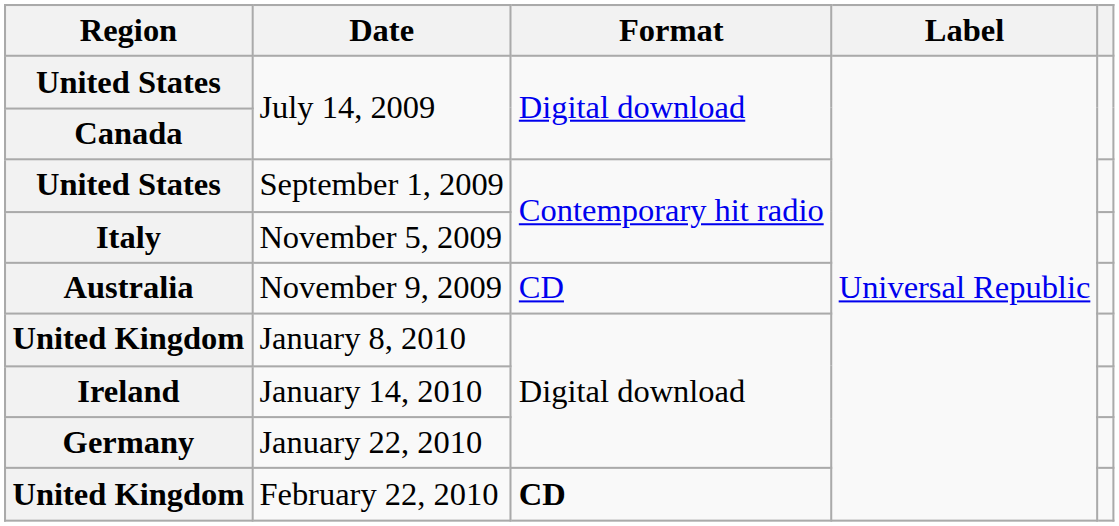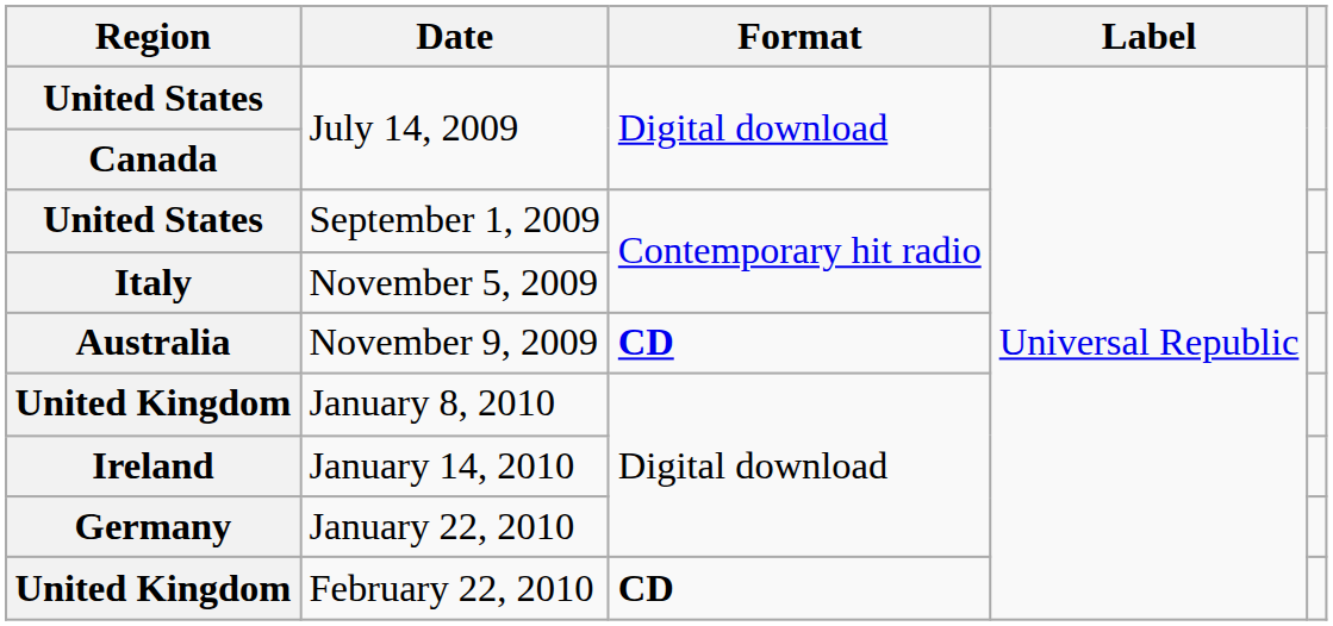 <table class="wikitable plainrowheaders">
 <tr>
 <th scope="col">Region</th>
 <th scope="col">Date</th>
 <th scope="col">Format</th>
 <th scope="col">Label</th>
 <th scope="col"></th>
 </tr>
 <tr>
 <th scope="row">United States</th>
 <td rowspan="2">July 14, 2009</td>
 <td rowspan="2"><a href='#'>Digital download</a></td>
 <td rowspan="9"><a href='#'>Universal Republic</a></td>
 <td align="center" rowspan="2"></td>
 </tr>
 <tr>
 <th scope="row">Canada</th>
 </tr>
 <tr>
 <th scope="row">United States</th>
 <td>September 1, 2009</td>
 <td rowspan="2"><a href='#'>Contemporary hit radio</a></td>
 <td align="center"></td>
 </tr>
 <tr>
 <th scope="row">Italy</th>
 <td>November 5, 2009</td>
 <td align="center"></td>
 </tr>
 <tr>
 <th scope="row">Australia</th>
 <td>November 9, 2009</td>
-<td><a href='#'>CD</a></td>
+<td><strong><a href='#'>CD</a></strong></td>
 <td align="center"></td>
 </tr>
 <tr>
 <th scope="row">United Kingdom</th>
 <td>January 8, 2010</td>
 <td rowspan="3">Digital download</td>
 <td align="center"></td>
 </tr>
 <tr>
 <th scope="row">Ireland</th>
 <td>January 14, 2010</td>
 <td align="center"></td>
 </tr>
 <tr>
 <th scope="row">Germany</th>
 <td>January 22, 2010</td>
 <td align="center"></td>
 </tr>
 <tr>
 <th scope="row">United Kingdom</th>
 <td>February 22, 2010</td>
 <td><strong>CD</strong></td>
 <td align="center"></td>
 </tr>
 </table>
